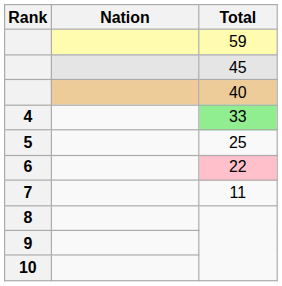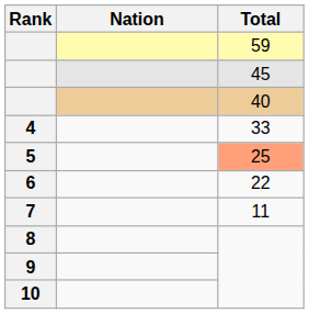 <table class="wikitable sortable" style="text-align:center; font-size:85%">
 <tr>
 <th scope="col" style="width:25px;">Rank</th>
 <th ! scope="col" style="width:120px;">Nation</th>
 <th ! scope="col" style="width:60px;">Total</th>
 </tr>
 <tr bgcolor=fffcaf>
 <th scope=row></th>
 <td align=left></td>
 <td>59</td>
 </tr>
 <tr bgcolor=e5e5e5>
 <th scope=row></th>
 <td align=left></td>
 <td>45</td>
 </tr>
 <tr bgcolor=eecc99>
 <th scope=row></th>
 <td align=left></td>
 <td>40</td>
 </tr>
 <tr>
 <th scope=row>4</th>
 <td align=left></td>
-<td style="background: lightgreen;">33</td>
+<td>33</td>
 </tr>
 <tr>
 <th scope=row>5</th>
 <td align=left></td>
-<td>25</td>
+<td style="background: lightsalmon;">25</td>
 </tr>
 <tr>
 <th scope=row>6</th>
 <td align=left></td>
-<td style="background: pink;">22</td>
+<td>22</td>
 </tr>
 <tr>
 <th scope=row>7</th>
 <td align=left></td>
 <td>11</td>
 </tr>
 <tr>
 <th scope=row>8</th>
 <td align=left></td>
 <td rowspan=3></td>
 </tr>
 <tr>
 <th scope=row>9</th>
 <td align=left></td>
 </tr>
 <tr>
 <th scope=row>10</th>
 <td align=left></td>
 </tr>
 </table>
